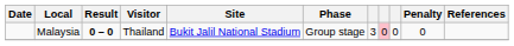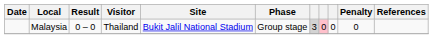 <table class="wikitable" style="margin:1em auto 1em auto; text-align:center; font-size:small;">
 <tr>
 <th>Date</th>
 <th>Local</th>
 <th>Result</th>
 <th>Visitor</th>
 <th>Site</th>
 <th>Phase</th>
 <th></th>
 <th></th>
 <th></th>
 <th>Penalty</th>
 <th>References</th>
 </tr>
 <tr>
 <td></td>
 <td>Malaysia</td>
-<td><strong>0 – 0</strong></td>
+<td>0 – 0</td>
 <td>Thailand</td>
 <td><a href='#'>Bukit Jalil National Stadium</a></td>
 <td>Group stage</td>
-<td>3</td>
+<td style="background: lightgrey;">3</td>
 <td style="background: pink;">0</td>
 <td>0</td>
 <td>0</td>
 <td></td>
 </tr>
 <tr>
 </tr>
 </table>
